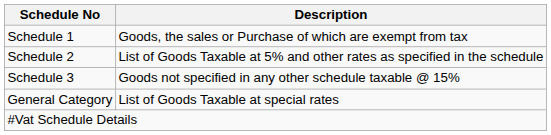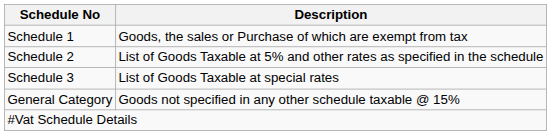 <table class="wikitable">
 <tr>
 <th>Schedule No</th>
 <th>Description</th>
 </tr>
 <tr>
 <td>Schedule 1</td>
 <td>Goods, the sales or Purchase of which are exempt from tax</td>
 </tr>
 <tr>
 <td>Schedule 2</td>
 <td>List of Goods Taxable at 5% and other rates as specified in the schedule</td>
 </tr>
 <tr>
 <td>Schedule 3</td>
-<td>Goods not specified in any other schedule taxable @ 15%</td>
+<td>List of Goods Taxable at special rates</td>
 </tr>
 <tr>
 <td>General Category</td>
-<td>List of Goods Taxable at special rates</td>
+<td>Goods not specified in any other schedule taxable @ 15%</td>
 </tr>
 <tr>
 <td colspan="2">#Vat Schedule Details </td>
 </tr>
 </table>
